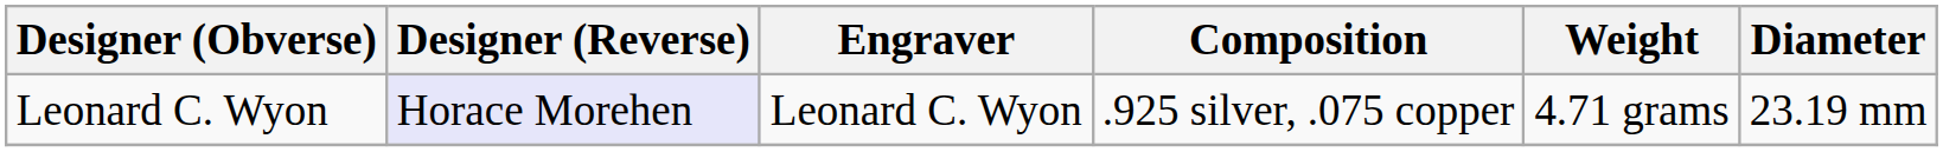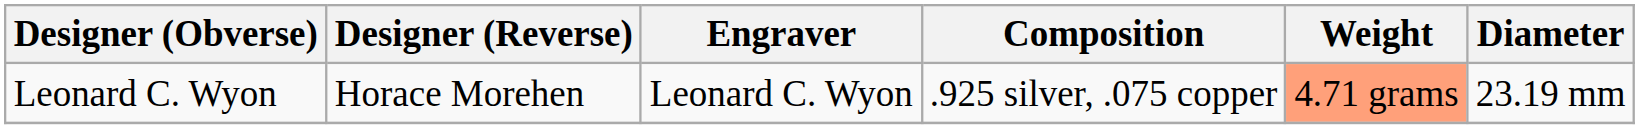 <table class="wikitable">
 <tr>
 <th>Designer (Obverse)</th>
 <th>Designer (Reverse)</th>
 <th>Engraver</th>
 <th>Composition</th>
 <th>Weight</th>
 <th>Diameter</th>
 </tr>
 <tr>
 <td>Leonard C. Wyon</td>
-<td style="background: lavender;">Horace Morehen</td>
+<td>Horace Morehen</td>
 <td>Leonard C. Wyon</td>
 <td>.925 silver, .075 copper</td>
-<td>4.71 grams</td>
+<td style="background: lightsalmon;">4.71 grams</td>
 <td>23.19 mm</td>
 </tr>
 <tr>
 </tr>
 </table>
